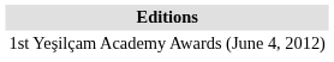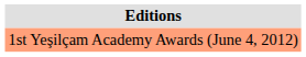 <table align="right" class="toccolours" cellspacing="0" cellpadding="3">
 <tr style="background: #e0e0e0">
 <th>Editions</th>
 </tr>
 <tr>
-<td>1st Yeşilçam Academy Awards (June 4, 2012)</td>
+<td style="background: lightsalmon;">1st Yeşilçam Academy Awards (June 4, 2012)</td>
 </tr>
 </table>
